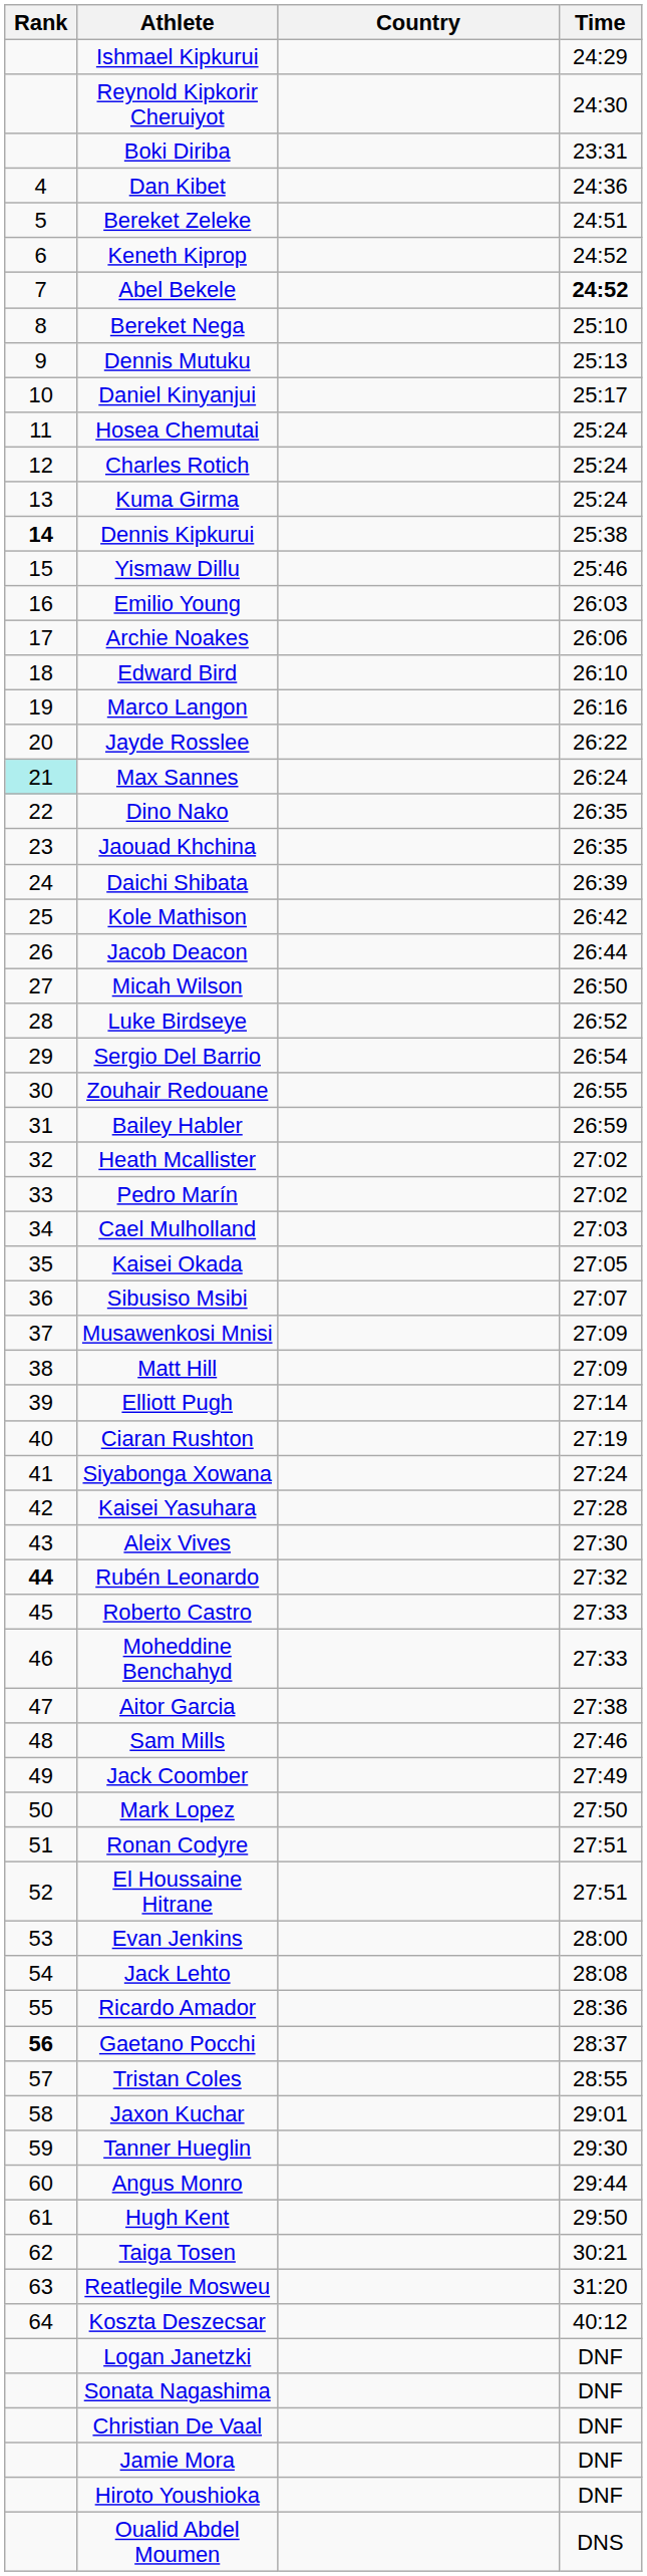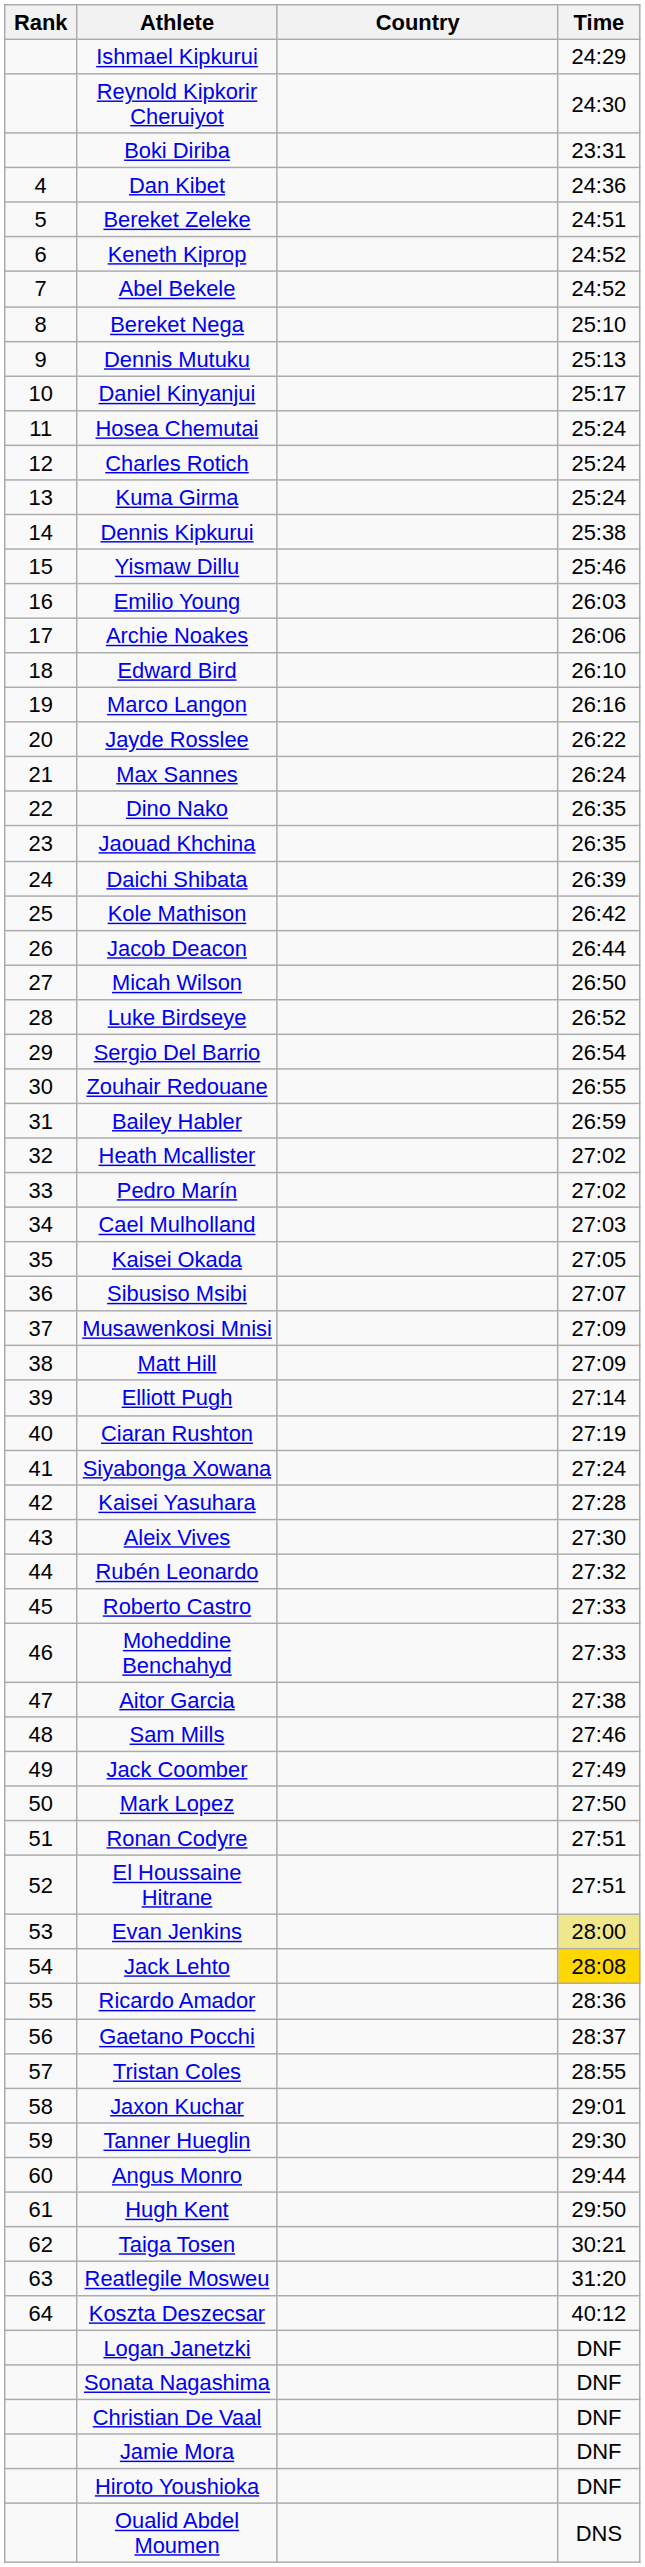 <table class="wikitable sortable" style=" text-align:center; font-size:95%;" width="50%">
 <tr>
 <th width="5%">Rank</th>
 <th width="25%">Athlete</th>
 <th width="35%">Country</th>
 <th width="10%">Time</th>
 </tr>
 <tr>
 <td align=center></td>
 <td><a href='#'>Ishmael Kipkurui</a></td>
 <td></td>
 <td>24:29</td>
 </tr>
 <tr>
 <td align=center></td>
 <td><a href='#'>Reynold Kipkorir Cheruiyot</a></td>
 <td></td>
 <td>24:30</td>
 </tr>
 <tr>
 <td align=center></td>
 <td><a href='#'>Boki Diriba</a></td>
 <td></td>
 <td>23:31</td>
 </tr>
 <tr>
 <td>4</td>
 <td><a href='#'>Dan Kibet</a></td>
 <td></td>
 <td>24:36</td>
 </tr>
 <tr>
 <td>5</td>
 <td><a href='#'>Bereket Zeleke</a></td>
 <td></td>
 <td>24:51</td>
 </tr>
 <tr>
 <td>6</td>
 <td><a href='#'>Keneth Kiprop</a></td>
 <td></td>
 <td>24:52</td>
 </tr>
 <tr>
 <td>7</td>
 <td><a href='#'>Abel Bekele</a></td>
 <td></td>
-<td><strong>24:52</strong></td>
+<td>24:52</td>
 </tr>
 <tr>
 <td>8</td>
 <td><a href='#'>Bereket Nega</a></td>
 <td></td>
 <td>25:10</td>
 </tr>
 <tr>
 <td>9</td>
 <td><a href='#'>Dennis Mutuku</a></td>
 <td></td>
 <td>25:13</td>
 </tr>
 <tr>
 <td>10</td>
 <td><a href='#'>Daniel Kinyanjui</a></td>
 <td></td>
 <td>25:17</td>
 </tr>
 <tr>
 <td>11</td>
 <td><a href='#'>Hosea Chemutai</a></td>
 <td></td>
 <td>25:24</td>
 </tr>
 <tr>
 <td>12</td>
 <td><a href='#'>Charles Rotich</a></td>
 <td></td>
 <td>25:24</td>
 </tr>
 <tr>
 <td>13</td>
 <td><a href='#'>Kuma Girma</a></td>
 <td></td>
 <td>25:24</td>
 </tr>
 <tr>
-<td><strong>14</strong></td>
+<td>14</td>
 <td><a href='#'>Dennis Kipkurui</a></td>
 <td></td>
 <td>25:38</td>
 </tr>
 <tr>
 <td>15</td>
 <td><a href='#'>Yismaw Dillu</a></td>
 <td></td>
 <td>25:46</td>
 </tr>
 <tr>
 <td>16</td>
 <td><a href='#'>Emilio Young</a></td>
 <td></td>
 <td>26:03</td>
 </tr>
 <tr>
 <td>17</td>
 <td><a href='#'>Archie Noakes</a></td>
 <td></td>
 <td>26:06</td>
 </tr>
 <tr>
 <td>18</td>
 <td><a href='#'>Edward Bird</a></td>
 <td></td>
 <td>26:10</td>
 </tr>
 <tr>
 <td>19</td>
 <td><a href='#'>Marco Langon</a></td>
 <td></td>
 <td>26:16</td>
 </tr>
 <tr>
 <td>20</td>
 <td><a href='#'>Jayde Rosslee</a></td>
 <td></td>
 <td>26:22</td>
 </tr>
 <tr>
-<td style="background: paleturquoise;">21</td>
+<td>21</td>
 <td><a href='#'>Max Sannes</a></td>
 <td></td>
 <td>26:24</td>
 </tr>
 <tr>
 <td>22</td>
 <td><a href='#'>Dino Nako</a></td>
 <td></td>
 <td>26:35</td>
 </tr>
 <tr>
 <td>23</td>
 <td><a href='#'>Jaouad Khchina</a></td>
 <td></td>
 <td>26:35</td>
 </tr>
 <tr>
 <td>24</td>
 <td><a href='#'>Daichi Shibata</a></td>
 <td></td>
 <td>26:39</td>
 </tr>
 <tr>
 <td>25</td>
 <td><a href='#'>Kole Mathison</a></td>
 <td></td>
 <td>26:42</td>
 </tr>
 <tr>
 <td>26</td>
 <td><a href='#'>Jacob Deacon</a></td>
 <td></td>
 <td>26:44</td>
 </tr>
 <tr>
 <td>27</td>
 <td><a href='#'>Micah Wilson</a></td>
 <td></td>
 <td>26:50</td>
 </tr>
 <tr>
 <td>28</td>
 <td><a href='#'>Luke Birdseye</a></td>
 <td></td>
 <td>26:52</td>
 </tr>
 <tr>
 <td>29</td>
 <td><a href='#'>Sergio Del Barrio</a></td>
 <td></td>
 <td>26:54</td>
 </tr>
 <tr>
 <td>30</td>
 <td><a href='#'>Zouhair Redouane</a></td>
 <td></td>
 <td>26:55</td>
 </tr>
 <tr>
 <td>31</td>
 <td><a href='#'>Bailey Habler</a></td>
 <td></td>
 <td>26:59</td>
 </tr>
 <tr>
 <td>32</td>
 <td><a href='#'>Heath Mcallister</a></td>
 <td></td>
 <td>27:02</td>
 </tr>
 <tr>
 <td>33</td>
 <td><a href='#'>Pedro Marín</a></td>
 <td></td>
 <td>27:02</td>
 </tr>
 <tr>
 <td>34</td>
 <td><a href='#'>Cael Mulholland</a></td>
 <td></td>
 <td>27:03</td>
 </tr>
 <tr>
 <td>35</td>
 <td><a href='#'>Kaisei Okada</a></td>
 <td></td>
 <td>27:05</td>
 </tr>
 <tr>
 <td>36</td>
 <td><a href='#'>Sibusiso Msibi</a></td>
 <td></td>
 <td>27:07</td>
 </tr>
 <tr>
 <td>37</td>
 <td><a href='#'>Musawenkosi Mnisi</a></td>
 <td></td>
 <td>27:09</td>
 </tr>
 <tr>
 <td>38</td>
 <td><a href='#'>Matt Hill</a></td>
 <td></td>
 <td>27:09</td>
 </tr>
 <tr>
 <td>39</td>
 <td><a href='#'>Elliott Pugh</a></td>
 <td></td>
 <td>27:14</td>
 </tr>
 <tr>
 <td>40</td>
 <td><a href='#'>Ciaran Rushton</a></td>
 <td></td>
 <td>27:19</td>
 </tr>
 <tr>
 <td>41</td>
 <td><a href='#'>Siyabonga Xowana</a></td>
 <td></td>
 <td>27:24</td>
 </tr>
 <tr>
 <td>42</td>
 <td><a href='#'>Kaisei Yasuhara</a></td>
 <td></td>
 <td>27:28</td>
 </tr>
 <tr>
 <td>43</td>
 <td><a href='#'>Aleix Vives</a></td>
 <td></td>
 <td>27:30</td>
 </tr>
 <tr>
-<td><strong>44</strong></td>
+<td>44</td>
 <td><a href='#'>Rubén Leonardo</a></td>
 <td></td>
 <td>27:32</td>
 </tr>
 <tr>
 <td>45</td>
 <td><a href='#'>Roberto Castro</a></td>
 <td></td>
 <td>27:33</td>
 </tr>
 <tr>
 <td>46</td>
 <td><a href='#'>Moheddine Benchahyd</a></td>
 <td></td>
 <td>27:33</td>
 </tr>
 <tr>
 <td>47</td>
 <td><a href='#'>Aitor Garcia</a></td>
 <td></td>
 <td>27:38</td>
 </tr>
 <tr>
 <td>48</td>
 <td><a href='#'>Sam Mills</a></td>
 <td></td>
 <td>27:46</td>
 </tr>
 <tr>
 <td>49</td>
 <td><a href='#'>Jack Coomber</a></td>
 <td></td>
 <td>27:49</td>
 </tr>
 <tr>
 <td>50</td>
 <td><a href='#'>Mark Lopez</a></td>
 <td></td>
 <td>27:50</td>
 </tr>
 <tr>
 <td>51</td>
 <td><a href='#'>Ronan Codyre</a></td>
 <td></td>
 <td>27:51</td>
 </tr>
 <tr>
 <td>52</td>
 <td><a href='#'>El Houssaine Hitrane</a></td>
 <td></td>
 <td>27:51</td>
 </tr>
 <tr>
 <td>53</td>
 <td><a href='#'>Evan Jenkins</a></td>
 <td></td>
-<td>28:00</td>
+<td style="background: khaki;">28:00</td>
 </tr>
 <tr>
 <td>54</td>
 <td><a href='#'>Jack Lehto</a></td>
 <td></td>
-<td>28:08</td>
+<td style="background: gold;">28:08</td>
 </tr>
 <tr>
 <td>55</td>
 <td><a href='#'>Ricardo Amador</a></td>
 <td></td>
 <td>28:36</td>
 </tr>
 <tr>
-<td><strong>56</strong></td>
+<td>56</td>
 <td><a href='#'>Gaetano Pocchi</a></td>
 <td></td>
 <td>28:37</td>
 </tr>
 <tr>
 <td>57</td>
 <td><a href='#'>Tristan Coles</a></td>
 <td></td>
 <td>28:55</td>
 </tr>
 <tr>
 <td>58</td>
 <td><a href='#'>Jaxon Kuchar</a></td>
 <td></td>
 <td>29:01</td>
 </tr>
 <tr>
 <td>59</td>
 <td><a href='#'>Tanner Hueglin</a></td>
 <td></td>
 <td>29:30</td>
 </tr>
 <tr>
 <td>60</td>
 <td><a href='#'>Angus Monro</a></td>
 <td></td>
 <td>29:44</td>
 </tr>
 <tr>
 <td>61</td>
 <td><a href='#'>Hugh Kent</a></td>
 <td></td>
 <td>29:50</td>
 </tr>
 <tr>
 <td>62</td>
 <td><a href='#'>Taiga Tosen</a></td>
 <td></td>
 <td>30:21</td>
 </tr>
 <tr>
 <td>63</td>
 <td><a href='#'>Reatlegile Mosweu</a></td>
 <td></td>
 <td>31:20</td>
 </tr>
 <tr>
 <td>64</td>
 <td><a href='#'>Koszta Deszecsar</a></td>
 <td></td>
 <td>40:12</td>
 </tr>
 <tr>
 <td></td>
 <td><a href='#'>Logan Janetzki</a></td>
 <td></td>
 <td>DNF</td>
 </tr>
 <tr>
 <td></td>
 <td><a href='#'>Sonata Nagashima</a></td>
 <td></td>
 <td>DNF</td>
 </tr>
 <tr>
 <td></td>
 <td><a href='#'>Christian De Vaal</a></td>
 <td></td>
 <td>DNF</td>
 </tr>
 <tr>
 <td></td>
 <td><a href='#'>Jamie Mora</a></td>
 <td></td>
 <td>DNF</td>
 </tr>
 <tr>
 <td></td>
 <td><a href='#'>Hiroto Youshioka</a></td>
 <td></td>
 <td>DNF</td>
 </tr>
 <tr>
 <td></td>
 <td><a href='#'>Oualid Abdel Moumen</a></td>
 <td></td>
 <td>DNS</td>
 </tr>
 </table>
